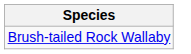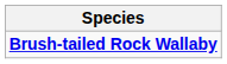 <table class="wikitable">
 <tr>
 <th>Species</th>
 </tr>
 <tr>
-<td><a href='#'>Brush-tailed Rock Wallaby</a></td>
+<td><strong><a href='#'>Brush-tailed Rock Wallaby</a></strong></td>
 </tr>
 </table>
